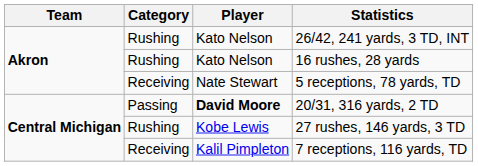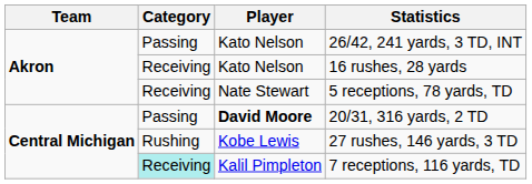 <table class="wikitable" style="float: left;">
 <tr>
 <th>Team</th>
 <th>Category</th>
 <th>Player</th>
 <th>Statistics</th>
 </tr>
 <tr>
 <td rowspan=3><strong>Akron</strong></td>
-<td>Rushing</td>
+<td>Passing</td>
 <td>Kato Nelson</td>
 <td>26/42, 241 yards, 3 TD, INT</td>
 </tr>
 <tr>
-<td>Rushing</td>
+<td>Receiving</td>
 <td>Kato Nelson</td>
 <td>16 rushes, 28 yards</td>
 </tr>
 <tr>
 <td>Receiving</td>
 <td>Nate Stewart</td>
 <td>5 receptions, 78 yards, TD</td>
 </tr>
 <tr>
 <td rowspan=3><strong>Central Michigan</strong></td>
 <td>Passing</td>
 <td><strong>David Moore</strong></td>
 <td>20/31, 316 yards, 2 TD</td>
 </tr>
 <tr>
 <td>Rushing</td>
 <td><a href='#'>Kobe Lewis</a></td>
 <td>27 rushes, 146 yards, 3 TD</td>
 </tr>
 <tr>
-<td>Receiving</td>
+<td style="background: paleturquoise;">Receiving</td>
 <td><a href='#'>Kalil Pimpleton</a></td>
 <td>7 receptions, 116 yards, TD</td>
 </tr>
 </table>
